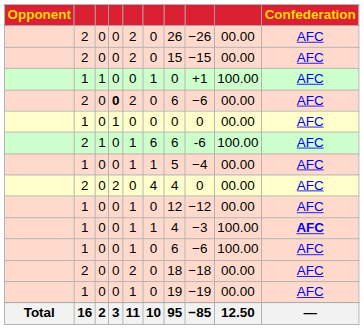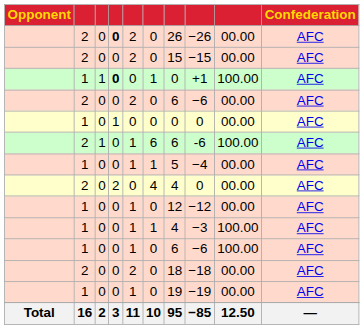 <table class="wikitable sortable" style="text-align:center;">
 <tr style="color:#FFD900">
 <th style="background-color:#DA2032;color:#FFD900">Opponent</th>
 <th style="background-color:#DA2032;"></th>
 <th style="background-color:#DA2032;"></th>
 <th style="background-color:#DA2032;"></th>
 <th style="background-color:#DA2032;"></th>
 <th style="background-color:#DA2032;"></th>
 <th style="background-color:#DA2032;"></th>
 <th style="background-color:#DA2032;"></th>
 <th style="background-color:#DA2032;"></th>
 <th style="background-color:#DA2032;color:#FFD900">Confederation</th>
 </tr>
 <tr bgcolor=FFDACC>
 <td style="text-align:left;"></td>
 <td>2</td>
 <td>0</td>
-<td>0</td>
+<td><strong>0</strong></td>
 <td>2</td>
 <td>0</td>
 <td>26</td>
 <td>−26</td>
 <td>00.00</td>
 <td><a href='#'>AFC</a></td>
 </tr>
 <tr bgcolor=FFDACC>
 <td style="text-align:left;"></td>
 <td>2</td>
 <td>0</td>
 <td>0</td>
 <td>2</td>
 <td>0</td>
 <td>15</td>
 <td>−15</td>
 <td>00.00</td>
 <td><a href='#'>AFC</a></td>
 </tr>
 <tr bgcolor=CCFFCC>
 <td style="text-align:left;"></td>
 <td>1</td>
 <td>1</td>
-<td>0</td>
+<td><strong>0</strong></td>
 <td>0</td>
 <td>1</td>
 <td>0</td>
 <td>+1</td>
 <td>100.00</td>
 <td><a href='#'>AFC</a></td>
 </tr>
 <tr bgcolor=FFDACC>
 <td style="text-align:left;"></td>
 <td>2</td>
 <td>0</td>
-<td><strong>0</strong></td>
+<td>0</td>
 <td>2</td>
 <td>0</td>
 <td>6</td>
 <td>−6</td>
 <td>00.00</td>
 <td><a href='#'>AFC</a></td>
 </tr>
 <tr bgcolor=FFFFCC>
 <td style="text-align:left;"></td>
 <td>1</td>
 <td>0</td>
 <td>1</td>
 <td>0</td>
 <td>0</td>
 <td>0</td>
 <td>0</td>
 <td>00.00</td>
 <td><a href='#'>AFC</a></td>
 </tr>
 <tr bgcolor=CCFFCC>
 <td style="text-align:left;"></td>
 <td>2</td>
 <td>1</td>
 <td>0</td>
 <td>1</td>
 <td>6</td>
 <td>6</td>
 <td>-6</td>
 <td>100.00</td>
 <td><a href='#'>AFC</a></td>
 </tr>
 <tr bgcolor=FFDACC>
 <td style="text-align:left;"></td>
 <td>1</td>
 <td>0</td>
 <td>0</td>
 <td>1</td>
 <td>1</td>
 <td>5</td>
 <td>−4</td>
 <td>00.00</td>
 <td><a href='#'>AFC</a></td>
 </tr>
 <tr bgcolor=FFFFCC>
 <td style="text-align:left;"></td>
 <td>2</td>
 <td>0</td>
 <td>2</td>
 <td>0</td>
 <td>4</td>
 <td>4</td>
 <td>0</td>
 <td>00.00</td>
 <td><a href='#'>AFC</a></td>
 </tr>
 <tr bgcolor=FFDACC>
 <td style="text-align:left;"></td>
 <td>1</td>
 <td>0</td>
 <td>0</td>
 <td>1</td>
 <td>0</td>
 <td>12</td>
 <td>−12</td>
 <td>00.00</td>
 <td><a href='#'>AFC</a></td>
 </tr>
 <tr bgcolor=FFDACC>
 <td style="text-align:left;"></td>
 <td>1</td>
 <td>0</td>
 <td>0</td>
 <td>1</td>
 <td>1</td>
 <td>4</td>
 <td>−3</td>
 <td>100.00</td>
-<td><strong><a href='#'>AFC</a></strong></td>
+<td><a href='#'>AFC</a></td>
 </tr>
 <tr bgcolor=FFDACC>
 <td style="text-align:left;"></td>
 <td>1</td>
 <td>0</td>
 <td>0</td>
 <td>1</td>
 <td>0</td>
 <td>6</td>
 <td>−6</td>
 <td>100.00</td>
 <td><a href='#'>AFC</a></td>
 </tr>
 <tr bgcolor=FFDACC>
 <td style="text-align:left;"></td>
 <td>2</td>
 <td>0</td>
 <td>0</td>
 <td>2</td>
 <td>0</td>
 <td>18</td>
 <td>−18</td>
 <td>00.00</td>
 <td><a href='#'>AFC</a></td>
 </tr>
 <tr bgcolor=FFDACC>
 <td style="text-align:left;"></td>
 <td>1</td>
 <td>0</td>
 <td>0</td>
 <td>1</td>
 <td>0</td>
 <td>19</td>
 <td>−19</td>
 <td>00.00</td>
 <td><a href='#'>AFC</a></td>
 </tr>
 <tr bgcolor=FFDACC>
 </tr>
 <tr>
 <th>Total</th>
 <th>16</th>
 <th>2</th>
 <th>3</th>
 <th>11</th>
 <th>10</th>
 <th>95</th>
 <th>−85</th>
 <th>12.50</th>
 <th>—</th>
 </tr>
 </table>
